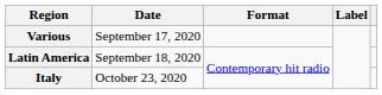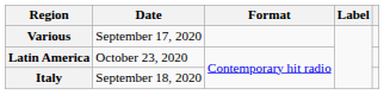 <table class="wikitable plainrowheaders">
 <tr>
 <th scope="col">Region</th>
 <th scope="col">Date</th>
 <th scope="col">Format</th>
 <th scope="col">Label</th>
 <th scope="col"></th>
 </tr>
 <tr>
 <th scope="row">Various</th>
 <td>September 17, 2020</td>
 <td></td>
 <td rowspan="3"></td>
 <td style="text-align:center;"></td>
 </tr>
 <tr>
 <th scope="row">Latin America</th>
-<td>September 18, 2020</td>
+<td>October 23, 2020</td>
 <td rowspan="2"><a href='#'>Contemporary hit radio</a></td>
 <td style="text-align:center;"></td>
 </tr>
 <tr>
 <th scope="row">Italy</th>
-<td>October 23, 2020</td>
+<td>September 18, 2020</td>
 <td style="text-align:center;"></td>
 </tr>
 </table>
